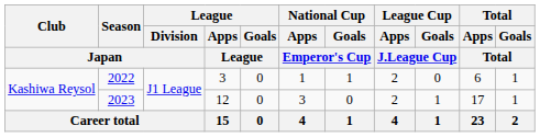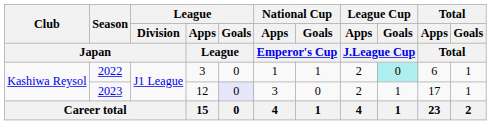 <table class="wikitable" style="text-align: center">
 <tr>
 <th rowspan="2">Club</th>
 <th rowspan="2">Season</th>
 <th colspan="3">League</th>
 <th colspan="2">National Cup</th>
 <th colspan="2">League Cup</th>
 <th colspan="2">Total</th>
 </tr>
 <tr>
 <th>Division</th>
 <th>Apps</th>
 <th>Goals</th>
 <th>Apps</th>
 <th>Goals</th>
 <th>Apps</th>
 <th>Goals</th>
 <th>Apps</th>
 <th>Goals</th>
 </tr>
 <tr>
 <th colspan=3>Japan</th>
 <th colspan=2>League</th>
 <th colspan=2><a href='#'>Emperor's Cup</a></th>
 <th colspan=2><a href='#'>J.League Cup</a></th>
 <th colspan=2>Total</th>
 </tr>
 <tr>
 <td rowspan="2"><a href='#'>Kashiwa Reysol</a></td>
 <td><a href='#'>2022</a></td>
 <td rowspan="2"><a href='#'>J1 League</a></td>
 <td>3</td>
 <td>0</td>
 <td>1</td>
 <td>1</td>
 <td>2</td>
-<td>0</td>
+<td style="background: paleturquoise;">0</td>
 <td>6</td>
 <td>1</td>
 </tr>
 <tr>
 <td><a href='#'>2023</a></td>
 <td>12</td>
-<td>0</td>
+<td style="background: lavender;">0</td>
 <td>3</td>
 <td>0</td>
 <td>2</td>
 <td>1</td>
 <td>17</td>
 <td>1</td>
 </tr>
 <tr>
 <th colspan=3>Career total</th>
 <th>15</th>
 <th>0</th>
 <th>4</th>
 <th>1</th>
 <th>4</th>
 <th>1</th>
 <th>23</th>
 <th>2</th>
 </tr>
 </table>
